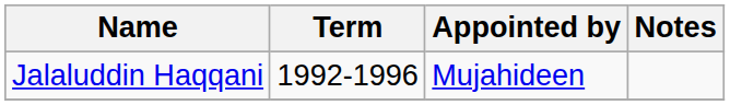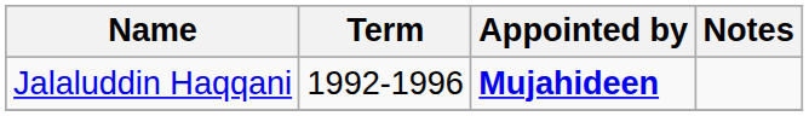 <table class="wikitable">
 <tr>
 <th>Name</th>
 <th>Term</th>
 <th>Appointed by</th>
 <th>Notes</th>
 </tr>
 <tr>
 <td><a href='#'>Jalaluddin Haqqani</a></td>
 <td>1992-1996</td>
-<td><a href='#'>Mujahideen</a></td>
+<td><strong><a href='#'>Mujahideen</a></strong></td>
 <td></td>
 </tr>
 <tr>
 </tr>
 </table>
